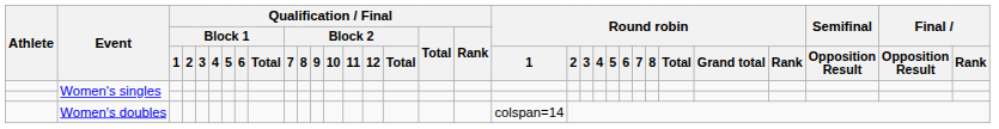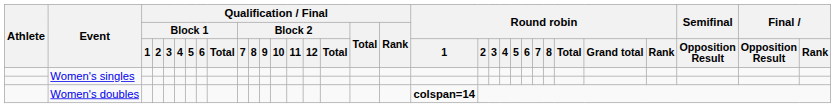 <table class=wikitable style=font-size:90%;text-align:center>
 <tr>
 <th rowspan=3>Athlete</th>
 <th rowspan=3>Event</th>
 <th colspan=16>Qualification / Final</th>
 <th colspan=11 rowspan=2>Round robin</th>
 <th rowspan=2>Semifinal</th>
 <th rowspan=2 colspan=2>Final / </th>
 </tr>
 <tr style=font-size:95%>
 <th colspan=7>Block 1</th>
 <th colspan=7>Block 2</th>
 <th rowspan=2>Total</th>
 <th rowspan=2>Rank</th>
 </tr>
 <tr style=font-size:95%>
 <th>1</th>
 <th>2</th>
 <th>3</th>
 <th>4</th>
 <th>5</th>
 <th>6</th>
 <th>Total</th>
 <th>7</th>
 <th>8</th>
 <th>9</th>
 <th>10</th>
 <th>11</th>
 <th>12</th>
 <th>Total</th>
 <th>1</th>
 <th>2</th>
 <th>3</th>
 <th>4</th>
 <th>5</th>
 <th>6</th>
 <th>7</th>
 <th>8</th>
 <th>Total</th>
 <th>Grand total</th>
 <th>Rank</th>
 <th>Opposition<br>Result</th>
 <th>Opposition<br>Result</th>
 <th>Rank</th>
 </tr>
 <tr>
 <td align=left></td>
 <td align=left rowspan=2><a href='#'>Women's singles</a></td>
 <td></td>
 <td></td>
 <td></td>
 <td></td>
 <td></td>
 <td></td>
 <td></td>
 <td></td>
 <td></td>
 <td></td>
 <td></td>
 <td></td>
 <td></td>
 <td></td>
 <td></td>
 <td></td>
 <td></td>
 <td></td>
 <td></td>
 <td></td>
 <td></td>
 <td></td>
 <td></td>
 <td></td>
 <td></td>
 <td></td>
 <td></td>
 <td></td>
 <td></td>
 <td></td>
 </tr>
 <tr>
 <td align=left></td>
 <td></td>
 <td></td>
 <td></td>
 <td></td>
 <td></td>
 <td></td>
 <td></td>
 <td></td>
 <td></td>
 <td></td>
 <td></td>
 <td></td>
 <td></td>
 <td></td>
 <td></td>
 <td></td>
 <td></td>
 <td></td>
 <td></td>
 <td></td>
 <td></td>
 <td></td>
 <td></td>
 <td></td>
 <td></td>
 <td></td>
 <td></td>
 <td></td>
 <td></td>
 <td></td>
 </tr>
 <tr>
 <td align=left></td>
 <td align=left><a href='#'>Women's doubles</a></td>
 <td></td>
 <td></td>
 <td></td>
 <td></td>
 <td></td>
 <td></td>
 <td></td>
 <td></td>
 <td></td>
 <td></td>
 <td></td>
 <td></td>
 <td></td>
 <td></td>
 <td></td>
 <td></td>
-<td>colspan=14 </td>
+<td><strong>colspan=14 </strong></td>
 </tr>
 </table>
